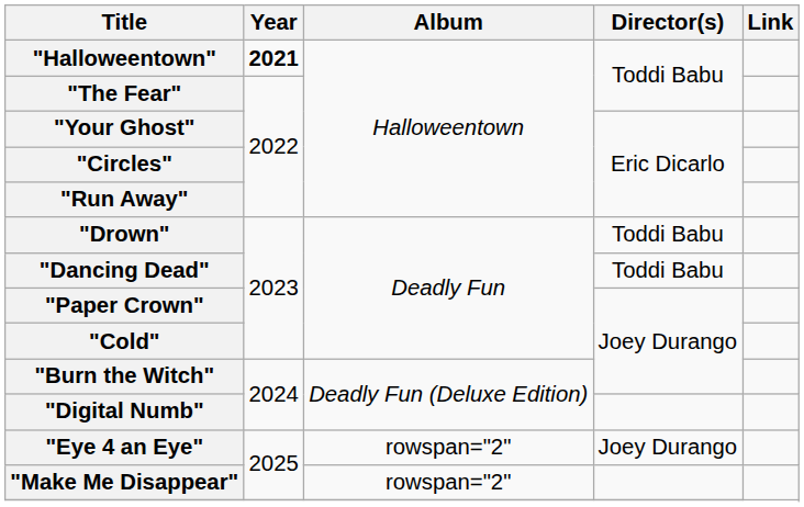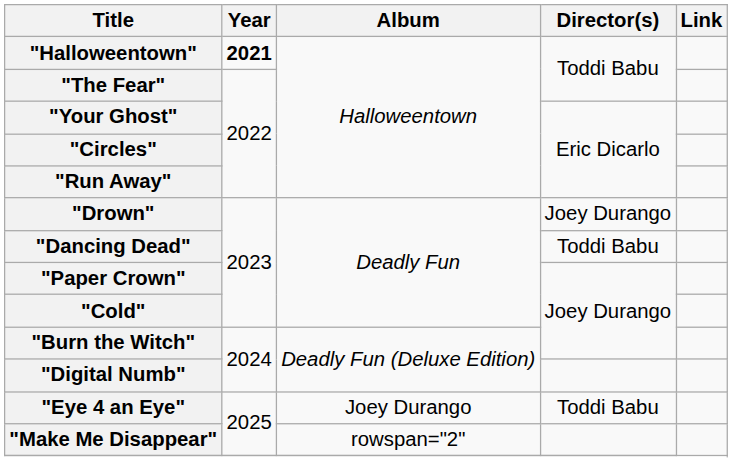 <table class="wikitable plainrowheaders" style="text-align:center;">
 <tr>
 <th scope="col">Title</th>
 <th scope="col">Year</th>
 <th scope="col">Album</th>
 <th scope="col">Director(s)</th>
 <th scope="col">Link</th>
 </tr>
 <tr>
 <th scope="row">"Halloweentown"</th>
 <td><strong>2021</strong></td>
 <td rowspan="5"><em>Halloweentown</em></td>
 <td rowspan="2">Toddi Babu</td>
 <td></td>
 </tr>
 <tr>
 <th scope="row">"The Fear"</th>
 <td rowspan="4">2022</td>
 <td></td>
 </tr>
 <tr>
 <th scope="row">"Your Ghost"</th>
 <td rowspan="3">Eric Dicarlo</td>
 <td></td>
 </tr>
 <tr>
 <th scope="row">"Circles"</th>
 <td></td>
 </tr>
 <tr>
 <th scope="row">"Run Away"</th>
 <td></td>
 </tr>
 <tr>
 <th scope="row">"Drown"</th>
 <td rowspan="4">2023</td>
 <td rowspan="4"><em>Deadly Fun</em></td>
-<td>Toddi Babu</td>
+<td>Joey Durango</td>
 <td></td>
 </tr>
 <tr>
 <th scope="row">"Dancing Dead"</th>
 <td>Toddi Babu</td>
 <td></td>
 </tr>
 <tr>
 <th scope="row">"Paper Crown"</th>
 <td rowspan="3">Joey Durango</td>
 <td></td>
 </tr>
 <tr>
 <th scope="row">"Cold"</th>
 <td></td>
 </tr>
 <tr>
 <th scope="row">"Burn the Witch"</th>
 <td rowspan="2">2024</td>
 <td rowspan="2"><em>Deadly Fun (Deluxe Edition)</em></td>
 <td></td>
 </tr>
 <tr>
 <th scope="row">"Digital Numb"</th>
 <td></td>
 <td></td>
 </tr>
 <tr>
 <th scope="row">"Eye 4 an Eye"</th>
 <td rowspan="2">2025</td>
-<td>rowspan="2" </td>
 <td>Joey Durango</td>
+<td>Toddi Babu</td>
 <td></td>
 </tr>
 <tr>
 <th scope="row">"Make Me Disappear"</th>
 <td>rowspan="2" </td>
 <td></td>
 </tr>
 <tr>
 </tr>
 </table>
